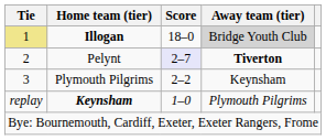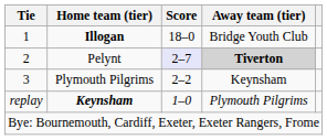 <table class="wikitable" style="text-align:center; font-size:85%">
 <tr>
 <th>Tie</th>
 <th>Home team (tier)</th>
 <th>Score</th>
 <th>Away team (tier)</th>
 <th></th>
 </tr>
 <tr>
-<td align="center" style="background: khaki;">1</td>
+<td align="center">1</td>
 <td><strong>Illogan</strong></td>
 <td align="center">18–0</td>
-<td style="background: lightgrey;">Bridge Youth Club</td>
+<td>Bridge Youth Club</td>
 <td></td>
 </tr>
 <tr>
 <td align="center">2</td>
 <td>Pelynt</td>
 <td align="center" style="background: lavender;">2–7</td>
-<td><strong>Tiverton</strong></td>
+<td style="background: lightgrey;"><strong>Tiverton</strong></td>
 <td></td>
 </tr>
 <tr>
 <td align="center">3</td>
 <td>Plymouth Pilgrims</td>
 <td align="center">2–2 </td>
 <td>Keynsham</td>
 <td></td>
 </tr>
 <tr>
 <td align="center"><em>replay</em></td>
 <td><strong><em>Keynsham</em></strong></td>
 <td align="center"><em>1–0</em></td>
 <td><em>Plymouth Pilgrims</em></td>
 <td></td>
 </tr>
 <tr>
 <td colspan="5" align="center">Bye: Bournemouth, Cardiff, Exeter, Exeter Rangers, Frome</td>
 </tr>
 </table>
